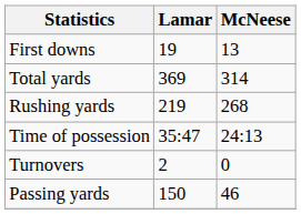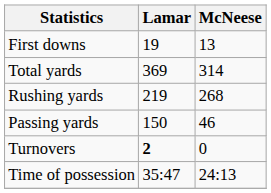 <table class="wikitable" style="float: left;">
 <tr>
 <th>Statistics</th>
 <th><strong>Lamar</strong></th>
 <th><strong>McNeese</strong></th>
 </tr>
 <tr>
 <td>First downs</td>
 <td>19</td>
 <td>13</td>
 </tr>
 <tr>
 <td>Total yards</td>
 <td>369</td>
 <td>314</td>
 </tr>
 <tr>
 <td>Rushing yards</td>
 <td>219</td>
 <td>268</td>
 </tr>
 <tr>
+<td>Passing yards</td>
+<td>150</td>
+<td>46</td>
+</tr>
+<tr>
+<td>Turnovers</td>
+<td><strong>2</strong></td>
+<td>0</td>
+</tr>
+<tr>
 <td>Time of possession</td>
 <td>35:47</td>
 <td>24:13</td>
 </tr>
 <tr>
-<td>Turnovers</td>
-<td>2</td>
-<td>0</td>
-</tr>
-<tr>
-<td>Passing yards</td>
-<td>150</td>
-<td>46</td>
-</tr>
-<tr>
 </tr>
 </table>
